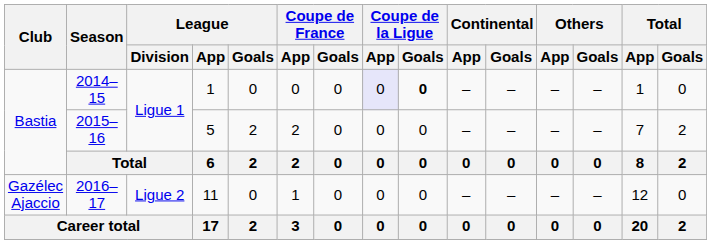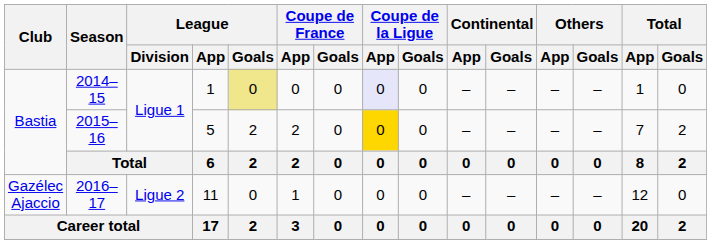 <table class="wikitable" style="text-align: center">
 <tr>
 <th rowspan="2">Club</th>
 <th rowspan="2">Season</th>
 <th colspan="3">League</th>
 <th colspan="2"><a href='#'>Coupe de France</a></th>
 <th colspan="2"><a href='#'>Coupe de la Ligue</a></th>
 <th colspan="2">Continental</th>
 <th colspan="2">Others</th>
 <th colspan="2">Total</th>
 </tr>
 <tr>
 <th>Division</th>
 <th>App</th>
 <th>Goals</th>
 <th>App</th>
 <th>Goals</th>
 <th>App</th>
 <th>Goals</th>
 <th>App</th>
 <th>Goals</th>
 <th>App</th>
 <th>Goals</th>
 <th>App</th>
 <th>Goals</th>
 </tr>
 <tr>
 <td rowspan="3"><a href='#'>Bastia</a></td>
 <td><a href='#'>2014–15</a></td>
 <td rowspan="2"><a href='#'>Ligue 1</a></td>
 <td>1</td>
-<td>0</td>
+<td style="background: khaki;">0</td>
 <td>0</td>
 <td>0</td>
 <td style="background: lavender;">0</td>
-<td><strong>0</strong></td>
+<td>0</td>
 <td>–</td>
 <td>–</td>
 <td>–</td>
 <td>–</td>
 <td>1</td>
 <td>0</td>
 </tr>
 <tr>
 <td><a href='#'>2015–16</a></td>
 <td>5</td>
 <td>2</td>
 <td>2</td>
 <td>0</td>
-<td>0</td>
+<td style="background: gold;">0</td>
 <td>0</td>
 <td>–</td>
 <td>–</td>
 <td>–</td>
 <td>–</td>
 <td>7</td>
 <td>2</td>
 </tr>
 <tr>
 <th colspan="2">Total</th>
 <th>6</th>
 <th>2</th>
 <th>2</th>
 <th>0</th>
 <th>0</th>
 <th>0</th>
 <th>0</th>
 <th>0</th>
 <th>0</th>
 <th>0</th>
 <th>8</th>
 <th>2</th>
 </tr>
 <tr>
 <td><a href='#'>Gazélec Ajaccio</a></td>
 <td><a href='#'>2016–17</a></td>
 <td><a href='#'>Ligue 2</a></td>
 <td>11</td>
 <td>0</td>
 <td>1</td>
 <td>0</td>
 <td>0</td>
 <td>0</td>
 <td>–</td>
 <td>–</td>
 <td>–</td>
 <td>–</td>
 <td>12</td>
 <td>0</td>
 </tr>
 <tr>
 <th colspan="3">Career total</th>
 <th>17</th>
 <th>2</th>
 <th>3</th>
 <th>0</th>
 <th>0</th>
 <th>0</th>
 <th>0</th>
 <th>0</th>
 <th>0</th>
 <th>0</th>
 <th>20</th>
 <th>2</th>
 </tr>
 </table>
